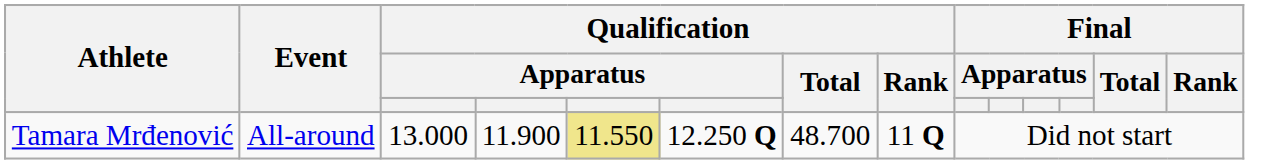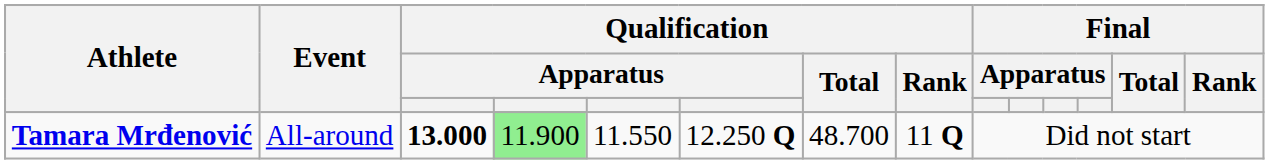 <table class="wikitable" style="font-size:90%">
 <tr>
 <th rowspan=3>Athlete</th>
 <th rowspan=3>Event</th>
 <th colspan=6>Qualification</th>
 <th colspan=6>Final</th>
 </tr>
 <tr style="font-size:95%">
 <th colspan=4>Apparatus</th>
 <th rowspan=2>Total</th>
 <th rowspan=2>Rank</th>
 <th colspan=4>Apparatus</th>
 <th rowspan=2>Total</th>
 <th rowspan=2>Rank</th>
 </tr>
 <tr style="font-size:95%">
 <th></th>
 <th></th>
 <th></th>
 <th></th>
 <th></th>
 <th></th>
 <th></th>
 <th></th>
 </tr>
 <tr align=center>
-<td align=left><a href='#'>Tamara Mrđenović</a></td>
+<td align=left><strong><a href='#'>Tamara Mrđenović</a></strong></td>
 <td align=left><a href='#'>All-around</a></td>
-<td>13.000</td>
-<td>11.900</td>
-<td style="background: khaki;">11.550</td>
+<td><strong>13.000</strong></td>
+<td style="background: lightgreen;">11.900</td>
+<td>11.550</td>
 <td>12.250	<strong>Q</strong></td>
 <td>48.700</td>
 <td>11 <strong>Q</strong></td>
 <td colspan=6>Did not start</td>
 </tr>
 </table>
